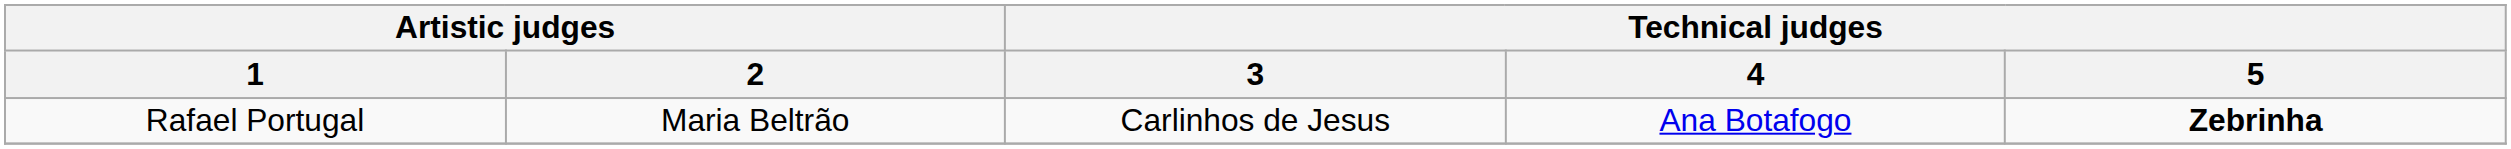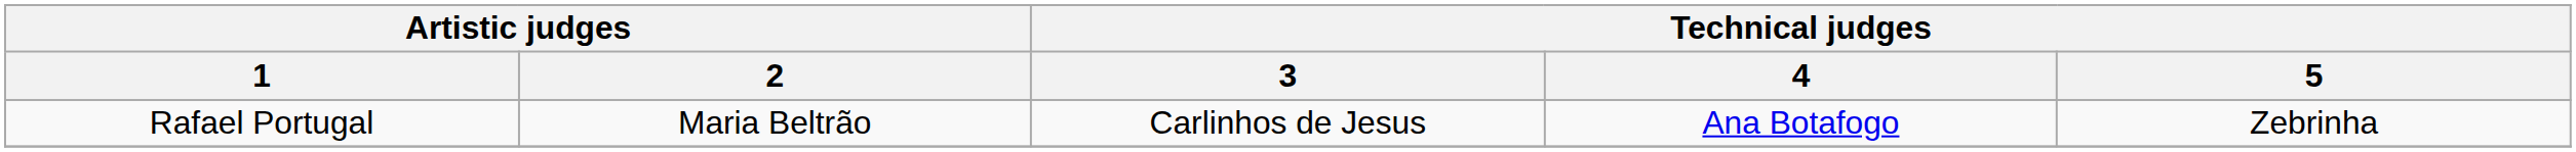 <table class="wikitable" style="font-size:100%; line-height:16px; text-align:center" width="100%">
 <tr>
 <th colspan=2>Artistic judges</th>
 <th colspan=3>Technical judges</th>
 </tr>
 <tr>
 <th width="20.0%">1</th>
 <th width="20.0%">2</th>
 <th width="20.0%">3</th>
 <th width="20.0%">4</th>
 <th width="20.0%">5</th>
 </tr>
 <tr>
 <td>Rafael Portugal</td>
 <td>Maria Beltrão</td>
 <td>Carlinhos de Jesus</td>
 <td><a href='#'>Ana Botafogo</a></td>
-<td><strong>Zebrinha</strong></td>
+<td>Zebrinha</td>
 </tr>
 <tr>
 </tr>
 </table>
